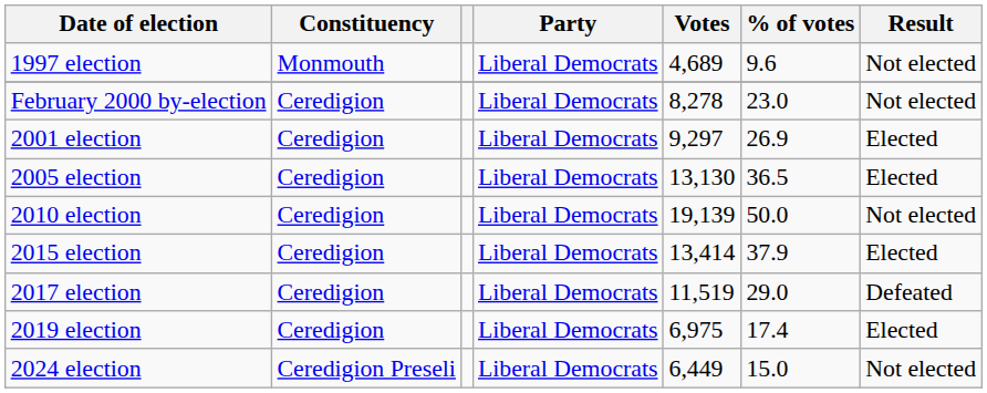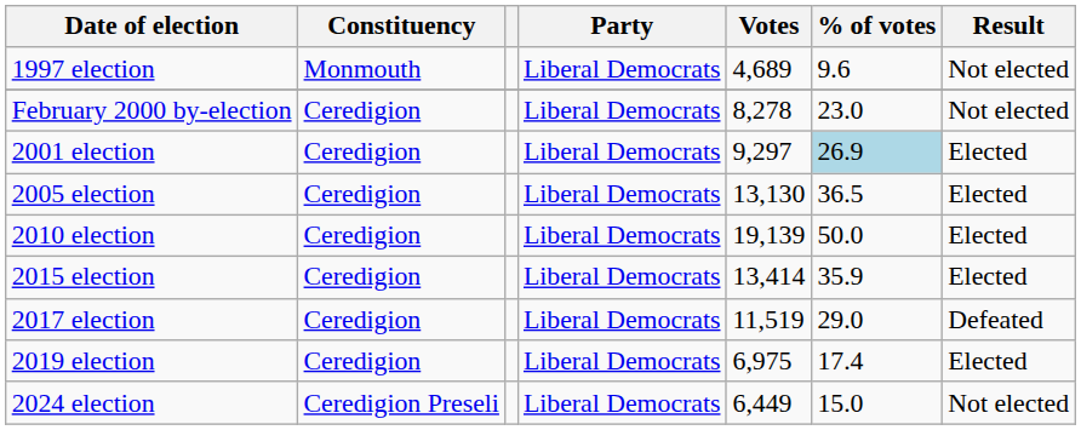 <table class="wikitable">
 <tr>
 <th>Date of election</th>
 <th>Constituency</th>
 <th></th>
 <th>Party</th>
 <th>Votes</th>
 <th>% of votes</th>
 <th>Result</th>
 </tr>
 <tr>
 <td><a href='#'>1997 election</a></td>
 <td><a href='#'>Monmouth</a></td>
 <td style="background-color: "></td>
 <td><a href='#'>Liberal Democrats</a></td>
 <td>4,689</td>
 <td>9.6</td>
 <td>Not elected</td>
 </tr>
 <tr>
 </tr>
 <tr>
 <td><a href='#'>February 2000 by-election</a></td>
 <td><a href='#'>Ceredigion</a></td>
 <td style="background-color: "></td>
 <td><a href='#'>Liberal Democrats</a></td>
 <td>8,278</td>
 <td>23.0</td>
 <td>Not elected</td>
 </tr>
 <tr>
 <td><a href='#'>2001 election</a></td>
 <td><a href='#'>Ceredigion</a></td>
 <td style="background-color: "></td>
 <td><a href='#'>Liberal Democrats</a></td>
 <td>9,297</td>
-<td>26.9</td>
+<td style="background: lightblue;">26.9</td>
 <td>Elected</td>
 </tr>
 <tr>
 <td><a href='#'>2005 election</a></td>
 <td><a href='#'>Ceredigion</a></td>
 <td style="background-color: "></td>
 <td><a href='#'>Liberal Democrats</a></td>
 <td>13,130</td>
 <td>36.5</td>
 <td>Elected</td>
 </tr>
 <tr>
 <td><a href='#'>2010 election</a></td>
 <td><a href='#'>Ceredigion</a></td>
 <td style="background-color: "></td>
 <td><a href='#'>Liberal Democrats</a></td>
 <td>19,139</td>
 <td>50.0</td>
-<td>Not elected</td>
+<td>Elected</td>
 </tr>
 <tr>
 <td><a href='#'>2015 election</a></td>
 <td><a href='#'>Ceredigion</a></td>
 <td style="background-color: "></td>
 <td><a href='#'>Liberal Democrats</a></td>
 <td>13,414</td>
-<td>37.9</td>
+<td>35.9</td>
 <td>Elected</td>
 </tr>
 <tr>
 <td><a href='#'>2017 election</a></td>
 <td><a href='#'>Ceredigion</a></td>
 <td style="background-color: "></td>
 <td><a href='#'>Liberal Democrats</a></td>
 <td>11,519</td>
 <td>29.0</td>
 <td>Defeated</td>
 </tr>
 <tr>
 <td><a href='#'>2019 election</a></td>
 <td><a href='#'>Ceredigion</a></td>
 <td style="background-color: "></td>
 <td><a href='#'>Liberal Democrats</a></td>
 <td>6,975</td>
 <td>17.4</td>
 <td>Elected</td>
 </tr>
 <tr>
 <td><a href='#'>2024 election</a></td>
 <td><a href='#'>Ceredigion Preseli</a></td>
 <td style="background-color: "></td>
 <td><a href='#'>Liberal Democrats</a></td>
 <td>6,449</td>
 <td>15.0</td>
 <td>Not elected</td>
 </tr>
 </table>
